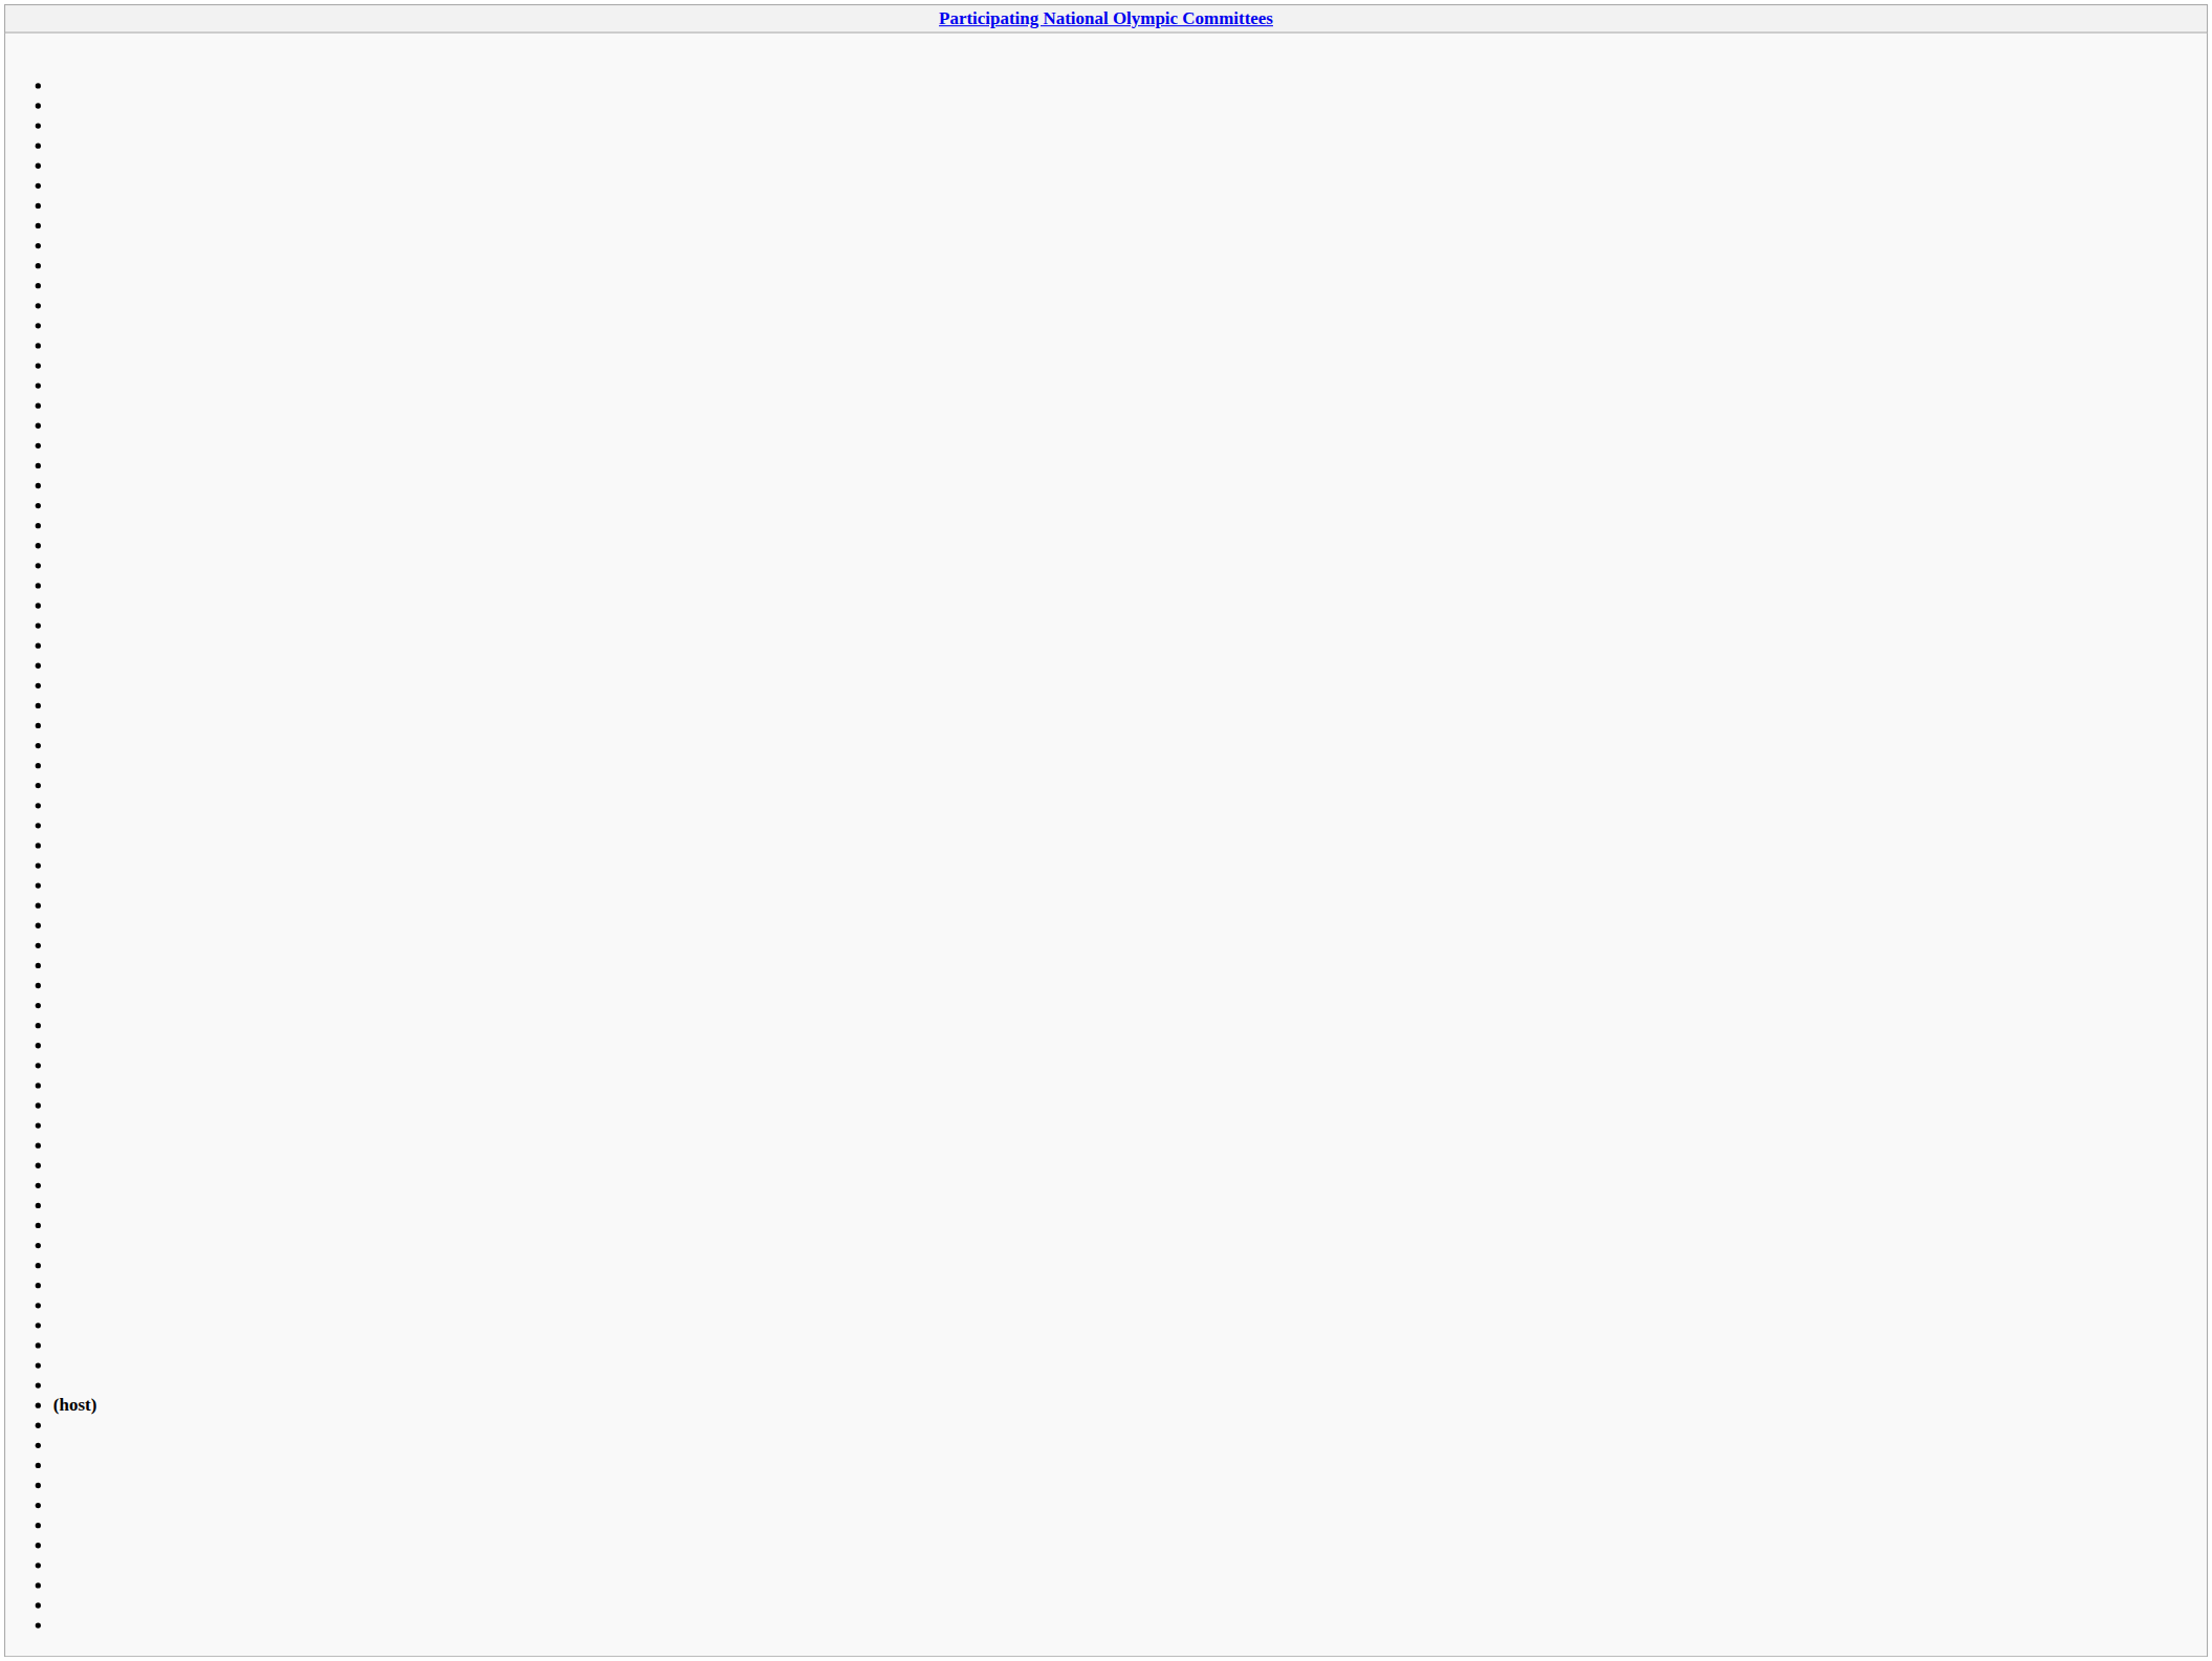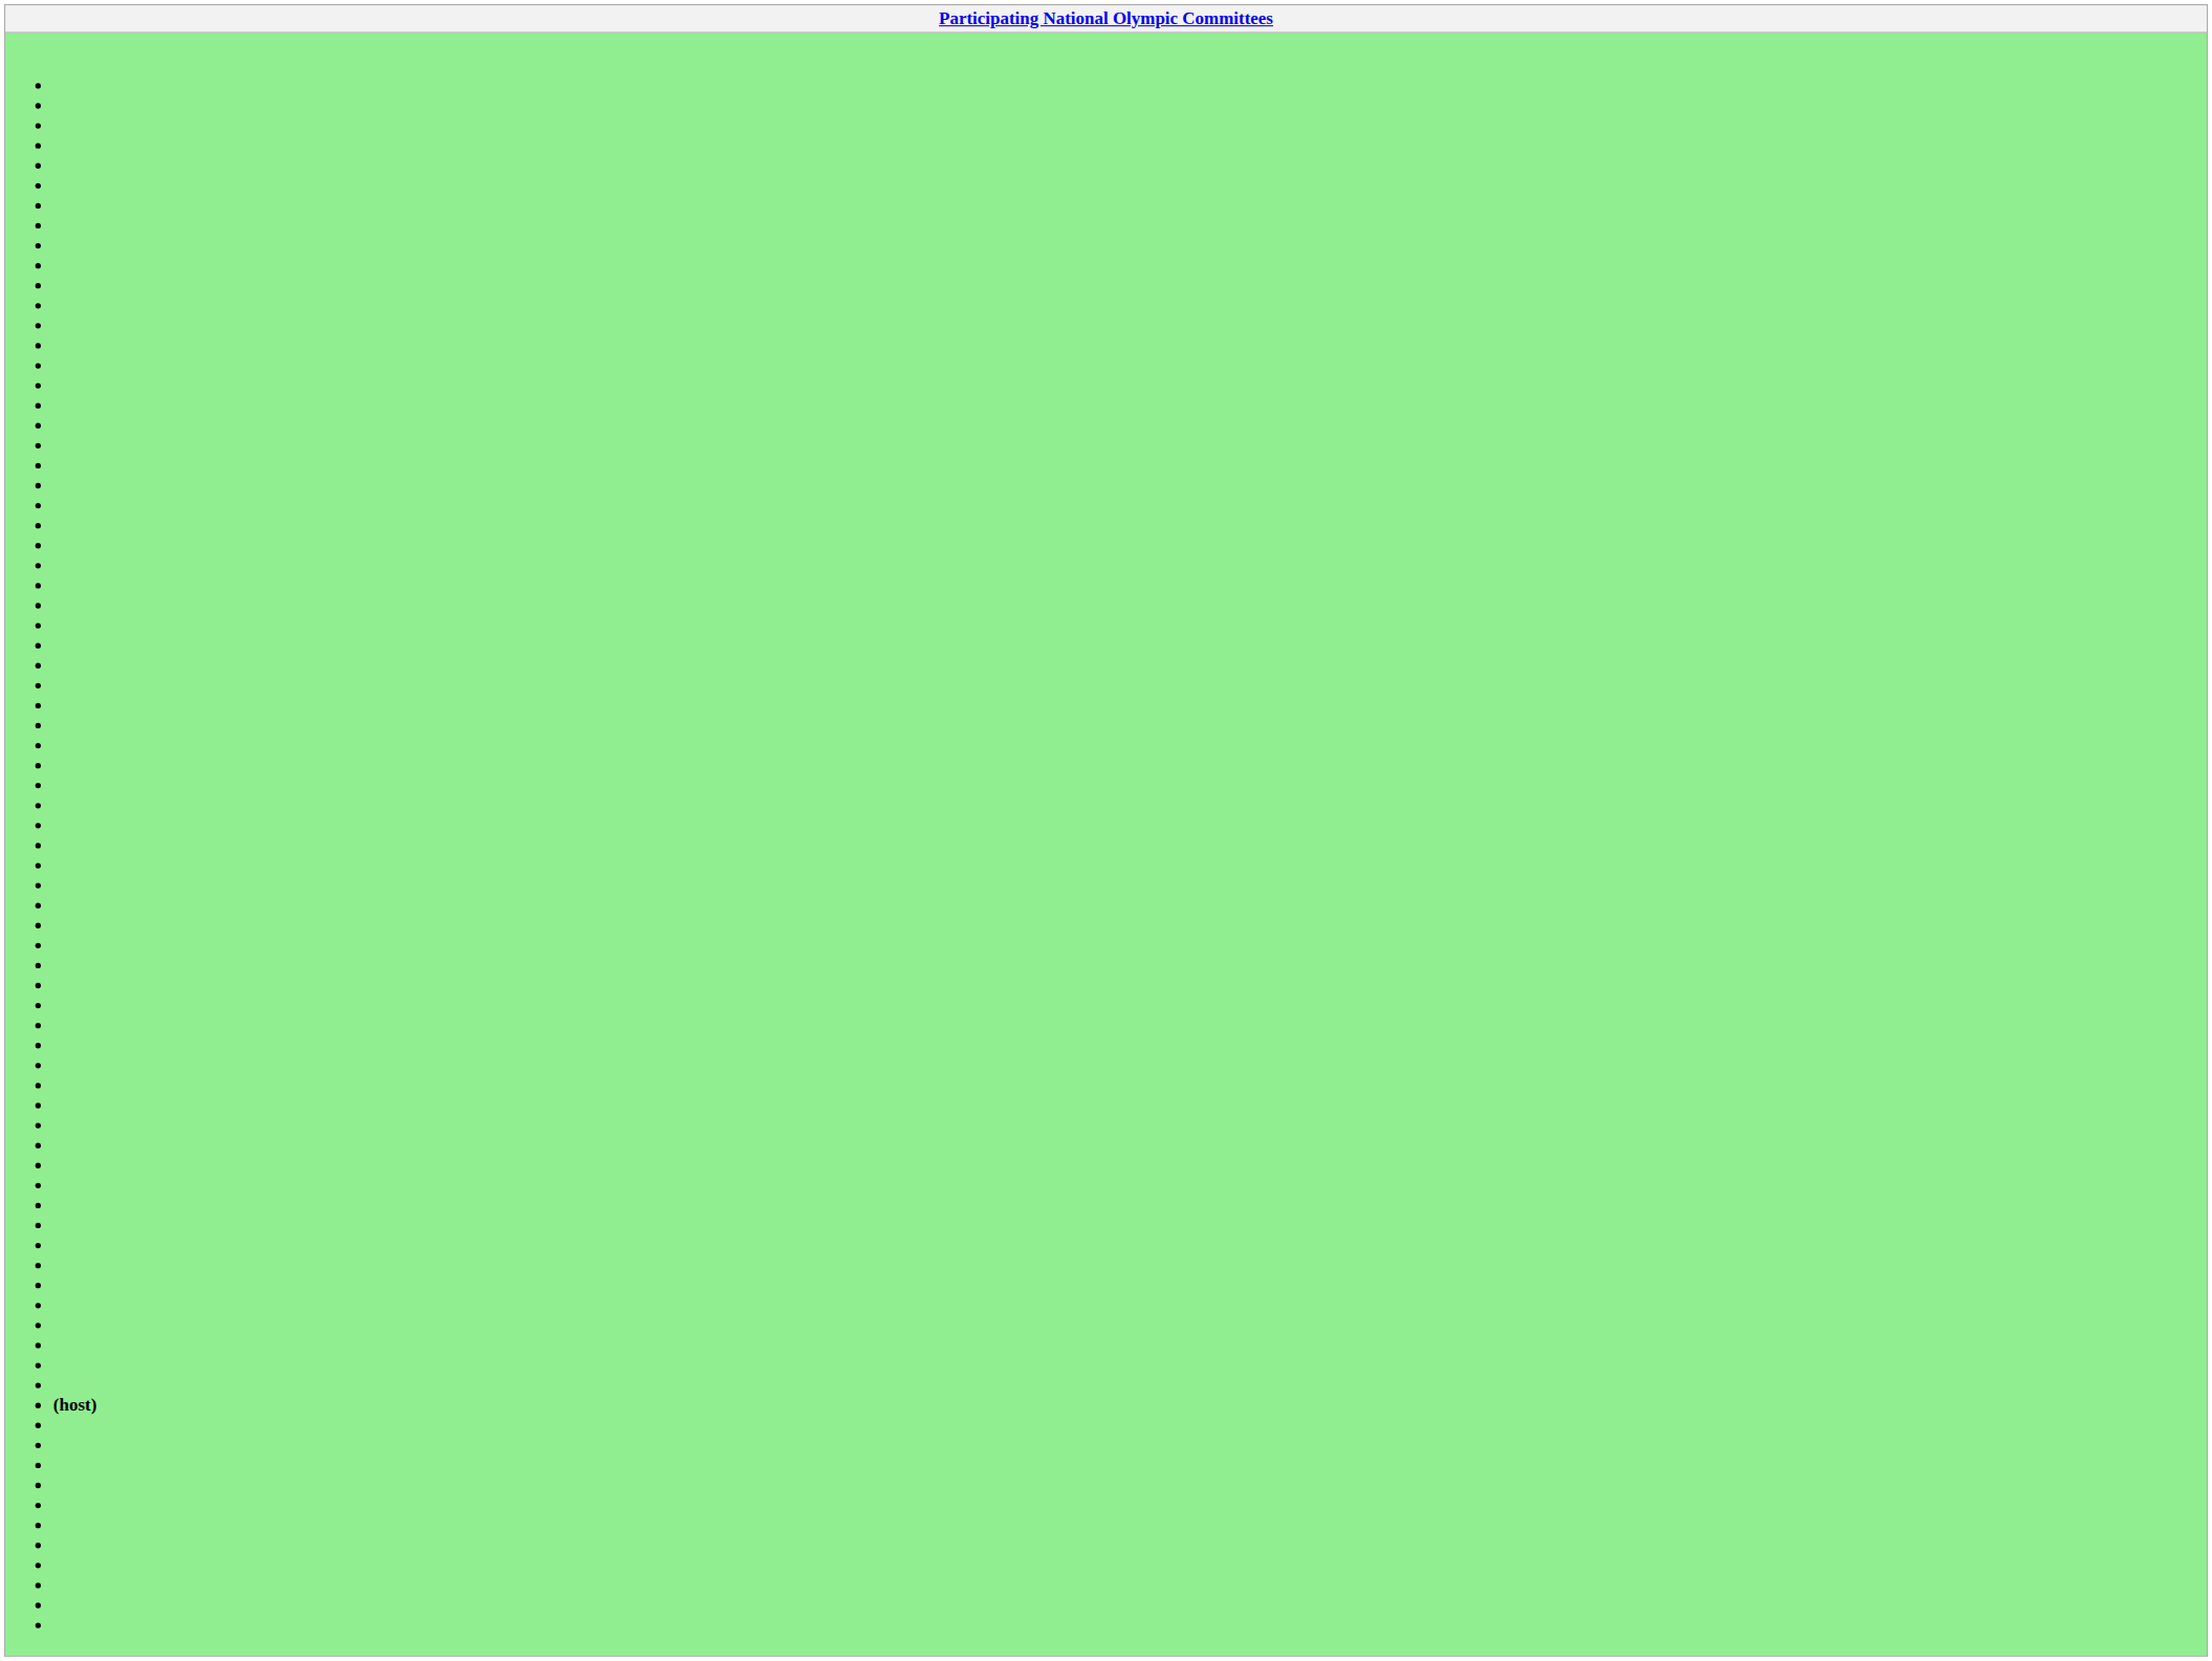 <table class="wikitable mw-collapsible" style="width:100%;">
 <tr>
 <th><a href='#'>Participating National Olympic Committees</a></th>
 </tr>
 <tr>
-<td><br><ul><li></li><li></li><li></li><li></li><li></li><li></li><li></li><li></li><li></li><li></li><li></li><li></li><li></li><li></li><li></li><li></li><li></li><li></li><li></li><li></li><li></li><li></li><li></li><li></li><li></li><li></li><li></li><li></li><li></li><li></li><li></li><li></li><li></li><li></li><li></li><li></li><li></li><li></li><li></li><li></li><li></li><li></li><li></li><li></li><li></li><li></li><li></li><li></li><li></li><li></li><li></li><li></li><li></li><li></li><li></li><li></li><li></li><li></li><li></li><li></li><li></li><li></li><li></li><li></li><li></li><li></li><li> <strong>(host)</strong></li><li></li><li></li><li></li><li></li><li></li><li></li><li></li><li></li><li></li><li></li><li></li></ul></td>
+<td style="background: lightgreen;"><br><ul><li></li><li></li><li></li><li></li><li></li><li></li><li></li><li></li><li></li><li></li><li></li><li></li><li></li><li></li><li></li><li></li><li></li><li></li><li></li><li></li><li></li><li></li><li></li><li></li><li></li><li></li><li></li><li></li><li></li><li></li><li></li><li></li><li></li><li></li><li></li><li></li><li></li><li></li><li></li><li></li><li></li><li></li><li></li><li></li><li></li><li></li><li></li><li></li><li></li><li></li><li></li><li></li><li></li><li></li><li></li><li></li><li></li><li></li><li></li><li></li><li></li><li></li><li></li><li></li><li></li><li></li><li> <strong>(host)</strong></li><li></li><li></li><li></li><li></li><li></li><li></li><li></li><li></li><li></li><li></li><li></li></ul></td>
 </tr>
 </table>
